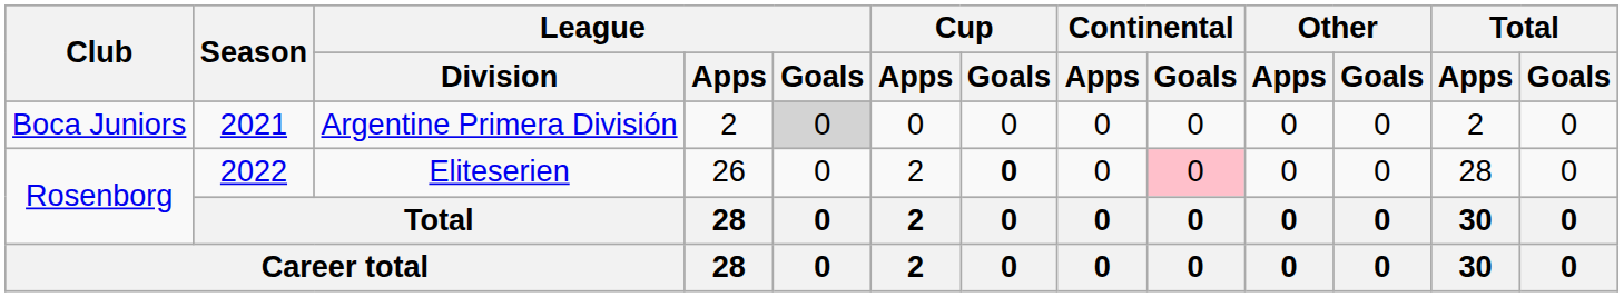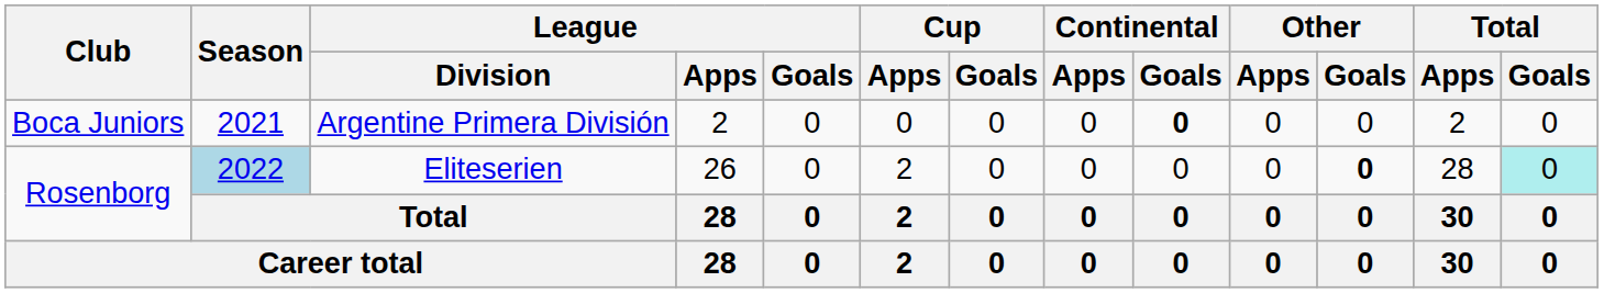 <table class="wikitable" style="text-align: center">
 <tr>
 <th rowspan="2">Club</th>
 <th rowspan="2">Season</th>
 <th colspan="3">League</th>
 <th colspan="2">Cup</th>
 <th colspan="2">Continental</th>
 <th colspan="2">Other</th>
 <th colspan="2">Total</th>
 </tr>
 <tr>
 <th>Division</th>
 <th>Apps</th>
 <th>Goals</th>
 <th>Apps</th>
 <th>Goals</th>
 <th>Apps</th>
 <th>Goals</th>
 <th>Apps</th>
 <th>Goals</th>
 <th>Apps</th>
 <th>Goals</th>
 </tr>
 <tr>
 <td><a href='#'>Boca Juniors</a></td>
 <td><a href='#'>2021</a></td>
 <td><a href='#'>Argentine Primera División</a></td>
 <td>2</td>
-<td style="background: lightgrey;">0</td>
 <td>0</td>
 <td>0</td>
 <td>0</td>
 <td>0</td>
+<td><strong>0</strong></td>
 <td>0</td>
 <td>0</td>
 <td>2</td>
 <td>0</td>
 </tr>
 <tr>
 <td rowspan="2" valign="center"><a href='#'>Rosenborg</a></td>
-<td><a href='#'>2022</a></td>
+<td style="background: lightblue;"><a href='#'>2022</a></td>
 <td rowspan="1"><a href='#'>Eliteserien</a></td>
 <td>26</td>
 <td>0</td>
 <td>2</td>
-<td><strong>0</strong></td>
-<td>0</td>
-<td style="background: pink;">0</td>
 <td>0</td>
 <td>0</td>
+<td>0</td>
+<td>0</td>
+<td><strong>0</strong></td>
 <td>28</td>
-<td>0</td>
+<td style="background: paleturquoise;">0</td>
 </tr>
 <tr>
 <th colspan=2>Total</th>
 <th>28</th>
 <th>0</th>
 <th>2</th>
 <th>0</th>
 <th>0</th>
 <th>0</th>
 <th>0</th>
 <th>0</th>
 <th>30</th>
 <th>0</th>
 </tr>
 <tr>
 <th colspan=3>Career total</th>
 <th>28</th>
 <th>0</th>
 <th>2</th>
 <th>0</th>
 <th>0</th>
 <th>0</th>
 <th>0</th>
 <th>0</th>
 <th>30</th>
 <th>0</th>
 </tr>
 </table>
